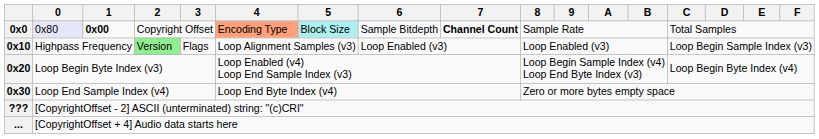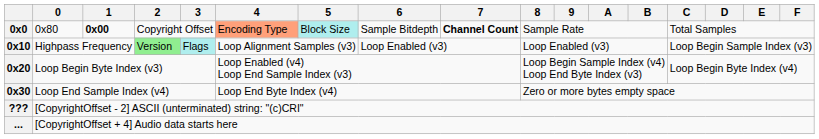 <table class="wikitable">
 <tr>
 <th></th>
 <th>0</th>
 <th>1</th>
 <th>2</th>
 <th>3</th>
 <th>4</th>
 <th>5</th>
 <th>6</th>
 <th>7</th>
 <th>8</th>
 <th>9</th>
 <th>A</th>
 <th>B</th>
 <th>C</th>
 <th>D</th>
 <th>E</th>
 <th>F</th>
 </tr>
 <tr>
 <th>0x0</th>
-<td style="background: lavender;">0x80</td>
+<td>0x80</td>
 <td><strong>0x00</strong></td>
 <td colspan="2">Copyright Offset</td>
 <td style="background: lightsalmon;">Encoding Type</td>
 <td style="background: paleturquoise;">Block Size</td>
 <td>Sample Bitdepth</td>
 <td><strong>Channel Count</strong></td>
 <td colspan="4">Sample Rate</td>
 <td colspan="4">Total Samples</td>
 </tr>
 <tr>
 <th>0x10</th>
 <td colspan="2">Highpass Frequency</td>
 <td style="background: lightgreen;">Version</td>
-<td>Flags</td>
+<td style="background: paleturquoise;">Flags</td>
 <td colspan="2">Loop Alignment Samples (v3)</td>
 <td colspan="2">Loop Enabled (v3)</td>
 <td colspan="4">Loop Enabled (v3)</td>
 <td colspan="4">Loop Begin Sample Index (v3)</td>
 </tr>
 <tr>
 <th>0x20</th>
 <td colspan="4">Loop Begin Byte Index (v3)</td>
 <td colspan="4">Loop Enabled (v4)<br>Loop End Sample Index (v3)</td>
 <td colspan="4">Loop Begin Sample Index (v4)<br>Loop End Byte Index (v3)</td>
 <td colspan="4">Loop Begin Byte Index (v4)</td>
 </tr>
 <tr>
 <th>0x30</th>
 <td colspan="4">Loop End Sample Index (v4)</td>
 <td colspan="4">Loop End Byte Index (v4)</td>
 <td colspan="8">Zero or more bytes empty space</td>
 </tr>
 <tr>
 <th>???</th>
 <td colspan="16">[CopyrightOffset - 2] ASCII (unterminated) string: "(c)CRI"</td>
 </tr>
 <tr>
 <th>...</th>
 <td colspan="16">[CopyrightOffset + 4] Audio data starts here</td>
 </tr>
 </table>
